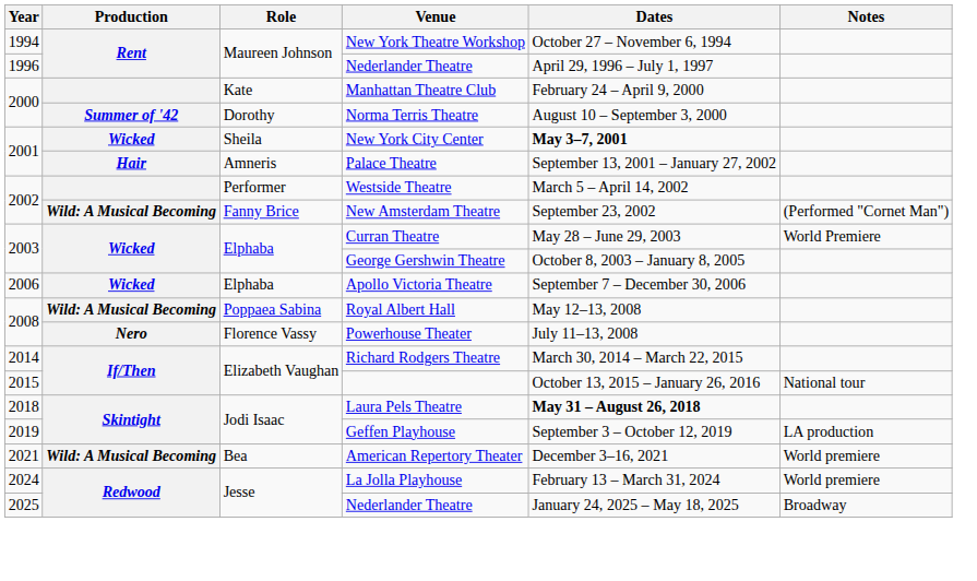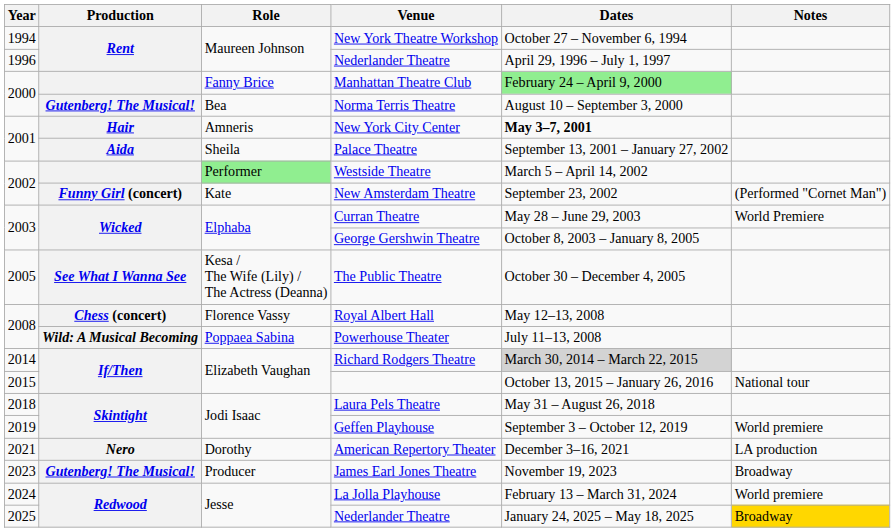 <table class="wikitable sortable plainrowheaders">
 <tr>
 <th scope="col">Year</th>
 <th scope="col">Production</th>
 <th scope="col">Role</th>
 <th scope="col">Venue</th>
 <th scope="col">Dates</th>
 <th scope="col" class="unsortable">Notes</th>
 </tr>
 <tr>
 <td>1994</td>
 <th rowspan="2" scope="row"><em><a href='#'>Rent</a></em></th>
 <td rowspan="2">Maureen Johnson</td>
 <td><a href='#'>New York Theatre Workshop</a></td>
 <td>October 27 – November 6, 1994</td>
 <td></td>
 </tr>
 <tr>
 <td>1996</td>
 <td><a href='#'>Nederlander Theatre</a></td>
 <td>April 29, 1996 – July 1, 1997</td>
 <td></td>
 </tr>
 <tr>
 <td rowspan="2">2000</td>
 <th scope="row"><em></em></th>
-<td>Kate</td>
+<td><a href='#'>Fanny Brice</a></td>
 <td><a href='#'>Manhattan Theatre Club</a></td>
-<td>February 24 – April 9, 2000</td>
+<td style="background: lightgreen;">February 24 – April 9, 2000</td>
 <td></td>
 </tr>
 <tr>
-<th scope="row"><em><a href='#'>Summer of '42</a></em></th>
-<td>Dorothy</td>
+<th scope="row"><em><a href='#'>Gutenberg! The Musical!</a></em></th>
+<td>Bea</td>
 <td><a href='#'>Norma Terris Theatre</a></td>
 <td>August 10 – September 3, 2000</td>
 <td></td>
 </tr>
 <tr>
 <td rowspan="2">2001</td>
-<th scope="row"><em><a href='#'>Wicked</a></em></th>
-<td>Sheila</td>
+<th scope="row"><em><a href='#'>Hair</a></em></th>
+<td>Amneris</td>
 <td><a href='#'>New York City Center</a></td>
 <td><strong>May 3–7, 2001</strong></td>
 <td></td>
 </tr>
 <tr>
-<th scope="row"><em><a href='#'>Hair</a></em></th>
-<td>Amneris</td>
+<th scope="row"><em><a href='#'>Aida</a></em></th>
+<td>Sheila</td>
 <td><a href='#'>Palace Theatre</a></td>
 <td>September 13, 2001 – January 27, 2002</td>
 <td></td>
 </tr>
 <tr>
 <td rowspan="2">2002</td>
 <th scope="row"><em></em></th>
-<td>Performer</td>
+<td style="background: lightgreen;">Performer</td>
 <td><a href='#'>Westside Theatre</a></td>
 <td>March 5 – April 14, 2002</td>
 <td></td>
 </tr>
 <tr>
-<th scope="row"><em>Wild: A Musical Becoming</em></th>
-<td><a href='#'>Fanny Brice</a></td>
+<th scope="row"><em><a href='#'>Funny Girl</a></em> (concert)</th>
+<td>Kate</td>
 <td><a href='#'>New Amsterdam Theatre</a></td>
 <td>September 23, 2002</td>
 <td>(Performed "Cornet Man")</td>
 </tr>
 <tr>
 <td rowspan="2">2003</td>
 <th rowspan="2" scope="row"><em><a href='#'>Wicked</a></em></th>
 <td rowspan="2"><a href='#'>Elphaba</a></td>
 <td><a href='#'>Curran Theatre</a></td>
 <td>May 28 – June 29, 2003</td>
 <td>World Premiere</td>
 </tr>
 <tr>
 <td><a href='#'>George Gershwin Theatre</a></td>
 <td>October 8, 2003 – January 8, 2005</td>
 <td></td>
 </tr>
 <tr>
-<td>2006</td>
-<th scope="row"><em><a href='#'>Wicked</a></em></th>
-<td>Elphaba</td>
-<td><a href='#'>Apollo Victoria Theatre</a></td>
-<td>September 7 – December 30, 2006</td>
+<td>2005</td>
+<th scope="row"><em><a href='#'>See What I Wanna See</a></em></th>
+<td>Kesa / <br>The Wife (Lily) / <br>The Actress (Deanna)</td>
+<td><a href='#'>The Public Theatre</a></td>
+<td>October 30 – December 4, 2005</td>
 <td></td>
 </tr>
 <tr>
 <td rowspan="2">2008</td>
-<th scope="row"><em>Wild: A Musical Becoming</em></th>
-<td><a href='#'>Poppaea Sabina</a></td>
+<th scope="row"><em><a href='#'>Chess</a></em> (concert)</th>
+<td>Florence Vassy</td>
 <td><a href='#'>Royal Albert Hall</a></td>
 <td>May 12–13, 2008</td>
 <td></td>
 </tr>
 <tr>
-<th scope="row"><em>Nero</em></th>
-<td>Florence Vassy</td>
+<th scope="row"><em>Wild: A Musical Becoming</em></th>
+<td><a href='#'>Poppaea Sabina</a></td>
 <td><a href='#'>Powerhouse Theater</a></td>
 <td>July 11–13, 2008</td>
 <td></td>
 </tr>
 <tr>
 <td>2014</td>
 <th rowspan="2" scope="row"><em><a href='#'>If/Then</a></em></th>
 <td rowspan="2">Elizabeth Vaughan</td>
 <td><a href='#'>Richard Rodgers Theatre</a></td>
-<td>March 30, 2014 – March 22, 2015</td>
+<td style="background: lightgrey;">March 30, 2014 – March 22, 2015</td>
 <td></td>
 </tr>
 <tr>
 <td>2015</td>
 <td></td>
 <td>October 13, 2015 –⁠ January 26, 2016</td>
 <td>National tour</td>
 </tr>
 <tr>
 <td>2018</td>
 <th rowspan="2" scope="row"><em><a href='#'>Skintight</a></em></th>
 <td rowspan="2">Jodi Isaac</td>
 <td><a href='#'>Laura Pels Theatre</a></td>
-<td><strong>May 31 – ⁠August 26, 2018</strong></td>
+<td>May 31 – ⁠August 26, 2018</td>
 <td></td>
 </tr>
 <tr>
 <td>2019</td>
 <td><a href='#'>Geffen Playhouse</a></td>
 <td>September 3 – ⁠October 12, 2019</td>
+<td>World premiere</td>
+</tr>
+<tr>
+<td>2021</td>
+<th scope="row"><em>Nero</em></th>
+<td>Dorothy</td>
+<td><a href='#'>American Repertory Theater</a></td>
+<td>December 3–16, 2021</td>
 <td>LA production</td>
 </tr>
 <tr>
-<td>2021</td>
-<th scope="row"><em>Wild: A Musical Becoming</em></th>
-<td>Bea</td>
-<td><a href='#'>American Repertory Theater</a></td>
-<td>December 3–16, 2021</td>
-<td>World premiere</td>
+<td>2023</td>
+<th scope="row"><em><a href='#'>Gutenberg! The Musical!</a></em></th>
+<td>Producer</td>
+<td><a href='#'>James Earl Jones Theatre</a></td>
+<td>November 19, 2023</td>
+<td>Broadway</td>
 </tr>
 <tr>
 <td>2024</td>
 <th rowspan=2 scope="row"><em><a href='#'>Redwood</a></em></th>
 <td rowspan=2>Jesse</td>
 <td><a href='#'>La Jolla Playhouse</a></td>
 <td>February 13 – ⁠March 31, 2024</td>
 <td>World premiere</td>
 </tr>
 <tr>
 <td>2025</td>
 <td><a href='#'>Nederlander Theatre</a></td>
 <td>January 24, 2025 –  May 18, 2025</td>
-<td>Broadway</td>
+<td style="background: gold;">Broadway</td>
 </tr>
 </table>
